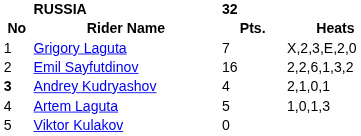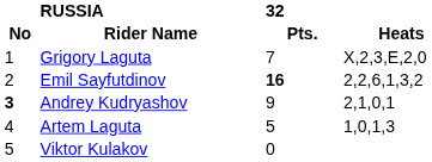 <table class="toccolours">
 <tr>
 <td></td>
 <td><strong>RUSSIA</strong></td>
 <td><strong>32</strong></td>
 </tr>
 <tr style="background: ">
 <th width=30px>No</th>
 <th width=210px>Rider Name</th>
 <th width=70px>Pts.</th>
 <th width=110px>Heats</th>
 </tr>
 <tr style="background-color:">
 <td>1</td>
 <td><a href='#'>Grigory Laguta</a></td>
 <td>7</td>
 <td>X,2,3,E,2,0</td>
 </tr>
 <tr style="background-color:">
 <td>2</td>
 <td><a href='#'>Emil Sayfutdinov</a></td>
-<td>16</td>
+<td><strong>16</strong></td>
 <td>2,2,6,1,3,2</td>
 </tr>
 <tr style="background-color:">
 <td><strong>3</strong></td>
 <td><a href='#'>Andrey Kudryashov</a></td>
-<td>4</td>
+<td>9</td>
 <td>2,1,0,1</td>
 </tr>
 <tr style="background-color:">
 <td>4</td>
 <td><a href='#'>Artem Laguta</a></td>
 <td>5</td>
 <td>1,0,1,3</td>
 </tr>
 <tr style="background-color:">
 <td>5</td>
 <td><a href='#'>Viktor Kulakov</a></td>
 <td>0</td>
 <td></td>
 </tr>
 </table>
